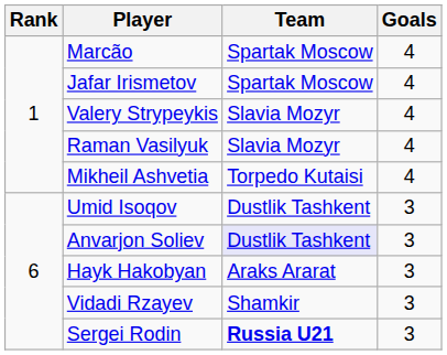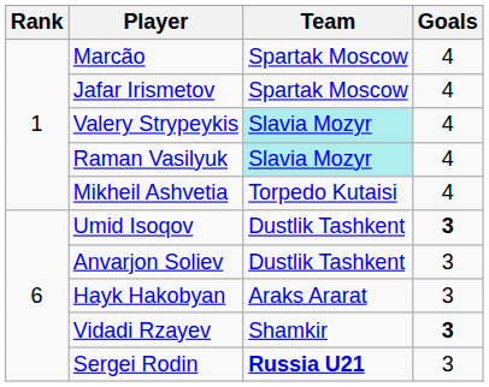 <table class="wikitable">
 <tr>
 <th>Rank</th>
 <th>Player</th>
 <th>Team</th>
 <th>Goals</th>
 </tr>
 <tr>
 <td align=center rowspan="5">1</td>
 <td> <a href='#'>Marcão</a></td>
 <td> <a href='#'>Spartak Moscow</a></td>
 <td align=center>4</td>
 </tr>
 <tr>
 <td> <a href='#'>Jafar Irismetov</a></td>
 <td> <a href='#'>Spartak Moscow</a></td>
 <td align=center>4</td>
 </tr>
 <tr>
 <td> <a href='#'>Valery Strypeykis</a></td>
-<td> <a href='#'>Slavia Mozyr</a></td>
+<td style="background: paleturquoise;"> <a href='#'>Slavia Mozyr</a></td>
 <td align=center>4</td>
 </tr>
 <tr>
 <td> <a href='#'>Raman Vasilyuk</a></td>
-<td> <a href='#'>Slavia Mozyr</a></td>
+<td style="background: paleturquoise;"> <a href='#'>Slavia Mozyr</a></td>
 <td align=center>4</td>
 </tr>
 <tr>
 <td> <a href='#'>Mikheil Ashvetia</a></td>
 <td> <a href='#'>Torpedo Kutaisi</a></td>
 <td align=center>4</td>
 </tr>
 <tr>
 <td align=center rowspan="5">6</td>
 <td> <a href='#'>Umid Isoqov</a></td>
 <td> <a href='#'>Dustlik Tashkent</a></td>
-<td align=center>3</td>
+<td align=center><strong>3</strong></td>
 </tr>
 <tr>
 <td> <a href='#'>Anvarjon Soliev</a></td>
-<td style="background: lavender;"> <a href='#'>Dustlik Tashkent</a></td>
+<td> <a href='#'>Dustlik Tashkent</a></td>
 <td align=center>3</td>
 </tr>
 <tr>
 <td> <a href='#'>Hayk Hakobyan</a></td>
 <td> <a href='#'>Araks Ararat</a></td>
 <td align=center>3</td>
 </tr>
 <tr>
 <td> <a href='#'>Vidadi Rzayev</a></td>
 <td> <a href='#'>Shamkir</a></td>
-<td align=center>3</td>
+<td align=center><strong>3</strong></td>
 </tr>
 <tr>
 <td> <a href='#'>Sergei Rodin</a></td>
 <td><strong> <a href='#'>Russia U21</a></strong></td>
 <td align=center>3</td>
 </tr>
 </table>
